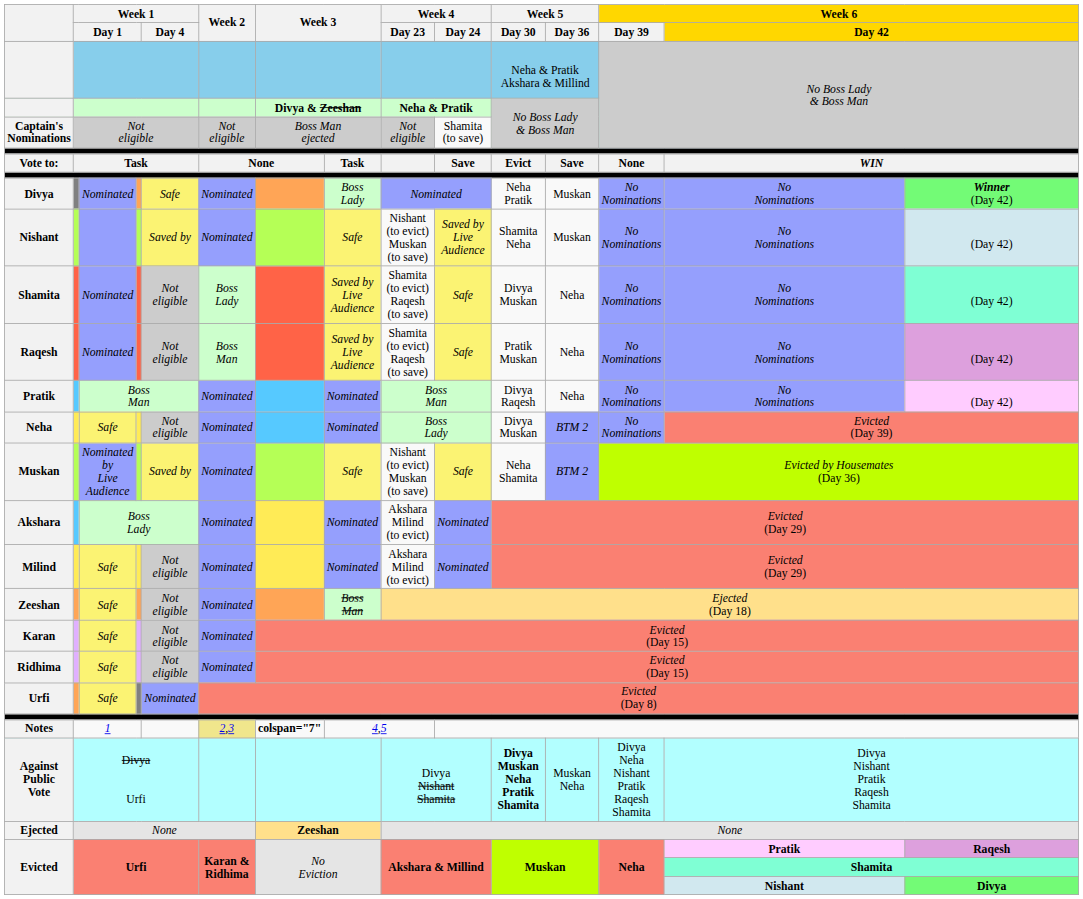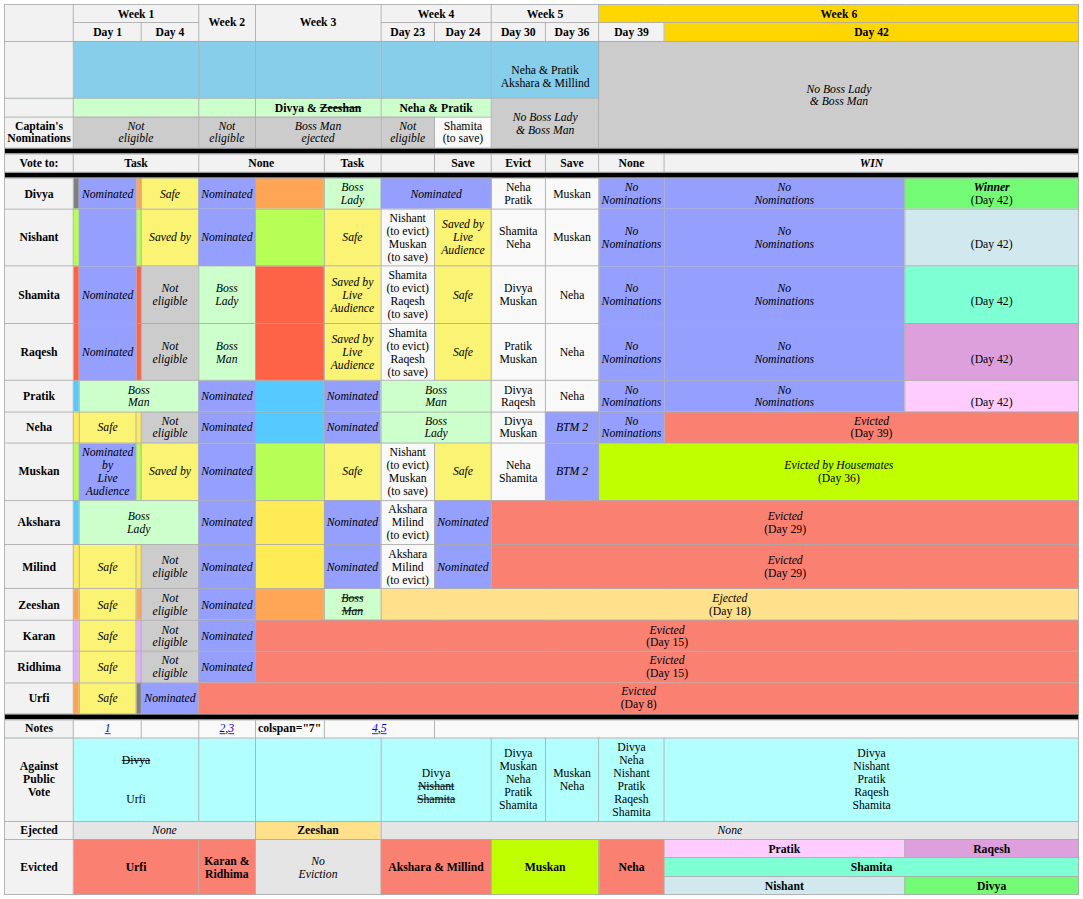 <table class="wikitable" style="text-align:center; font-size:85%; line-height:15px;">
 <tr>
 <th rowspan="2" style="width: 5%;"></th>
 <th colspan="4" style="width: 5%;">Week 1</th>
 <th rowspan="2" style="width: 5%;">Week 2</th>
 <th colspan="2" rowspan="2" style="width: 5%;">Week 3</th>
 <th colspan="2" style="width: 5%;">Week 4</th>
 <th colspan="2" style="width: 5%;">Week 5</th>
 <th colspan="3" style="background:#FFD700">Week 6</th>
 </tr>
 <tr>
 <th colspan="3" style="width: 5%;">Day 1</th>
 <th>Day 4</th>
 <th style="width: 5%;">Day 23</th>
 <th style="width: 5%;">Day 24</th>
 <th style="width: 5%;">Day 30</th>
 <th style="width: 5%;">Day 36</th>
 <th style="width: 5%;">Day 39</th>
 <th colspan="2" style="background:#FFD700">Day 42</th>
 </tr>
 <tr style="background:#87CEEB;" |>
 <th></th>
 <td colspan="4"><br></td>
 <td><br><br></td>
 <td colspan="2"><br><br><br><br></td>
 <td colspan=2><br></td>
 <td colspan="2"><br>Neha & Pratik<br>Akshara & Millind</td>
 <td colspan="3" rowspan="3" bgcolor="#ccc"><em>No Boss Lady<br> & Boss Man</em></td>
 </tr>
 <tr style="background:#cfc;">
 <th><br></th>
 <td colspan="4"></td>
 <td></td>
 <td colspan="2"><strong>Divya & <s>Zeeshan</s> </strong></td>
 <td colspan=2><strong>Neha & Pratik</strong></td>
 <td colspan="2" rowspan="2" bgcolor=#ccc><em>No Boss Lady <br>& Boss Man</em></td>
 </tr>
 <tr>
 <th>Captain's<br>Nominations</th>
 <td colspan="4" style="background:#ccc;"><em>Not<br>eligible</em></td>
 <td style="background:#ccc;"><em>Not<br> eligible</em></td>
 <td colspan="2" style="background:#ccc;"><em>Boss Man<br>ejected</em></td>
 <td style="background:#ccc;"><em>Not <br>eligible</em></td>
 <td>Shamita<br>(to save)</td>
 </tr>
 <tr>
 <td colspan="15" style="background:#000;"></td>
 </tr>
 <tr>
 <th>Vote to:</th>
 <th colspan="4">Task</th>
 <th colspan="2">None</th>
 <th>Task</th>
 <th></th>
 <th>Save</th>
 <th>Evict</th>
 <th>Save</th>
 <th>None</th>
 <th colspan="2"><em>WIN</em></th>
 </tr>
 <tr>
 <td colspan="15" style="background:#000;"></td>
 </tr>
 <tr>
 <th>Divya</th>
 <td bgcolor="grey"></td>
 <td style="background:#959FFD;"><em>Nominated</em></td>
 <td style="background:#FFA556;"></td>
 <td style="background:#FBF373;"><em>Safe</em></td>
 <td style="background:#959FFD;"><em>Nominated</em></td>
 <td style="background:#FFA556;"></td>
 <td style="background:#cfc;"><em>Boss<br>Lady</em></td>
 <td colspan=2 style="background:#959FFD;"><em>Nominated</em></td>
 <td>Neha<br>Pratik</td>
 <td>Muskan</td>
 <td style="background:#959FFD;"><em>No<br>Nominations</em></td>
 <td style="background:#959FFD;"><em>No<br>Nominations</em></td>
 <td style="background:#73FB76;"><strong><em>Winner</em></strong><br>(Day 42)</td>
 </tr>
 <tr>
 <th>Nishant</th>
 <td bgcolor="#B5FF56"></td>
 <td style="background:#959FFD;"><em><br></em></td>
 <td bgcolor="#B5FF56"></td>
 <td style="background:#FBF373;"><em>Saved by<br></em></td>
 <td style="background:#959FFD;"><em>Nominated</em></td>
 <td bgcolor="#B5FF56"></td>
 <td style="background:#FBF373;"><em>Safe</em></td>
 <td>Nishant<br>(to evict)<br>Muskan<br>(to save)</td>
 <td style="background:#FBF373;"><em>Saved by<br>Live Audience</em></td>
 <td>Shamita<br>Neha</td>
 <td>Muskan</td>
 <td style="background:#959FFD;"><em>No<br>Nominations</em></td>
 <td style="background:#959FFD;"><em>No<br>Nominations</em></td>
 <td style="background:#D1E8EF"><br>(Day 42)</td>
 </tr>
 <tr>
 <th>Shamita</th>
 <td bgcolor="tomato"></td>
 <td style="background:#959FFD;"><em>Nominated</em></td>
 <td bgcolor="tomato"></td>
 <td Bgcolor=#ccc><em>Not<br>eligible</em></td>
 <td style="background:#cfc;"><em>Boss<br>Lady</em></td>
 <td bgcolor="tomato"></td>
 <td style="background:#FBF373;"><em>Saved by<br>Live Audience</em></td>
 <td>Shamita<br>(to evict)<br>Raqesh<br>(to save)</td>
 <td style="background:#FBF373;"><em>Safe</em></td>
 <td>Divya<br>Muskan</td>
 <td>Neha</td>
 <td style="background:#959FFD;"><em>No<br>Nominations</em></td>
 <td style="background:#959FFD;"><em>No<br>Nominations</em></td>
 <td style="background:#7FFFD4;"><br>(Day 42)</td>
 </tr>
 <tr>
 <th>Raqesh</th>
 <td bgcolor="tomato"></td>
 <td style="background:#959FFD;"><em>Nominated</em></td>
 <td bgcolor="tomato"></td>
 <td Bgcolor=#ccc><em>Not<br>eligible</em></td>
 <td style="background:#cfc;"><em>Boss<br>Man</em></td>
 <td bgcolor="tomato"></td>
 <td style="background:#FBF373;"><em>Saved by<br>Live Audience</em></td>
 <td>Shamita<br>(to evict)<br>Raqesh<br>(to save)</td>
 <td style="background:#FBF373;"><em>Safe</em></td>
 <td>Pratik<br>Muskan</td>
 <td>Neha</td>
 <td style="background:#959FFD;"><em>No<br>Nominations</em></td>
 <td style="background:#959FFD;"><em>No<br>Nominations</em></td>
 <td style="background:#DDA0DD;"><br>(Day 42)</td>
 </tr>
 <tr>
 <th>Pratik</th>
 <th style="background:#56C9FF;"></th>
 <td colspan="3" style="background:#cfc;"><em>Boss<br>Man</em></td>
 <td style="background:#959FFD;"><em>Nominated</em></td>
 <td style="background:#56C9FF;"></td>
 <td style="background:#959FFD;"><em>Nominated</em></td>
 <td colspan=2 style="background:#cfc;"><em>Boss<br>Man</em></td>
 <td>Divya<br>Raqesh</td>
 <td>Neha</td>
 <td style="background:#959FFD;"><em>No<br>Nominations</em></td>
 <td style="background:#959FFD;"><em>No<br>Nominations</em></td>
 <td style="background:#fcf"><br>(Day 42)</td>
 </tr>
 <tr>
 <th>Neha</th>
 <th style="background:#FFEB56;"></th>
 <td style="background:#FBF373;"><em>Safe</em></td>
 <td style="background:#FFEB56;"></td>
 <td Bgcolor=#ccc><em>Not<br>eligible</em></td>
 <td style="background:#959FFD;"><em>Nominated</em></td>
 <td style="background:#56C9FF;"></td>
 <td style="background:#959FFD;"><em>Nominated</em></td>
 <td colspan=2 style="background:#cfc;"><em>Boss<br>Lady</em></td>
 <td>Divya<br>Muskan</td>
 <td style="background:#959FFD;"><em>BTM 2</em></td>
 <td style="background:#959FFD;"><em>No<br>Nominations</em></td>
 <td colspan="2" style="background:#FA8072"><em>Evicted<br></em>(Day 39)</td>
 </tr>
 <tr>
 <th>Muskan</th>
 <td bgcolor="#B5FF56"></td>
 <td colspan="1" style="background:#959FFD;"><em>Nominated by<br>Live Audience</em></td>
 <td bgcolor="#B5FF56"></td>
 <td style="background:#FBF373;"><em>Saved by <br></em></td>
 <td style="background:#959FFD;"><em>Nominated</em></td>
 <td bgcolor="#B5FF56"></td>
 <td style="background:#FBF373;"><em>Safe</em></td>
 <td>Nishant<br>(to evict)<br>Muskan<br>(to save)</td>
 <td style="background:#FBF373;"><em>Safe</em></td>
 <td>Neha<br>Shamita</td>
 <td style="background:#959FFD;"><em>BTM 2</em></td>
 <td colspan="3" style="background:#BFFF00"><em>Evicted by Housemates<br></em> (Day 36)</td>
 </tr>
 <tr>
 <th>Akshara</th>
 <th style="background:#56C9FF;"></th>
 <td colspan="3" style="background:#cfc;"><em>Boss<br>Lady</em></td>
 <td style="background:#959FFD;"><em>Nominated</em></td>
 <td style="background:#FFEB56;"></td>
 <td style="background:#959FFD;"><em>Nominated</em></td>
 <td>Akshara<br>Milind<br>(to evict)</td>
 <td style="background:#959FFD;"><em>Nominated</em></td>
 <td colspan="5" style="background:#FA8072"><em>Evicted<br></em>(Day 29)</td>
 </tr>
 <tr>
 <th>Milind</th>
 <th style="background:#FFEB56;"></th>
 <td style="background:#FBF373;"><em>Safe</em></td>
 <td style="background:#FFEB56;"></td>
 <td Bgcolor=#ccc><em>Not<br>eligible</em></td>
 <td style="background:#959FFD;"><em>Nominated</em></td>
 <td style="background:#FFEB56;"></td>
 <td style="background:#959FFD;"><em>Nominated</em></td>
 <td>Akshara<br>Milind<br>(to evict)</td>
 <td style="background:#959FFD;"><em>Nominated</em></td>
 <td colspan="5" style="background:#FA8072"><em>Evicted<br></em> (Day 29)</td>
 </tr>
 <tr>
 <th>Zeeshan</th>
 <td bgcolor="#FFA556"></td>
 <td style="background:#FBF373;"><em>Safe</em></td>
 <td bgcolor="#FFA556"></td>
 <td Bgcolor=#ccc><em>Not<br>eligible</em></td>
 <td style="background:#959FFD;"><em>Nominated</em></td>
 <td Bgcolor=#FFA556></td>
 <td style="background:#cfc;"><em><s>Boss <br>Man</s></em></td>
 <td colspan="7" style="background:#FFE08B"><em>Ejected<br></em>(Day 18)</td>
 </tr>
 <tr>
 <th>Karan</th>
 <th style="background:#E0B0FF;"></th>
 <td style="background:#FBF373;"><em>Safe</em></td>
 <td style="background:#E0B0FF;"></td>
 <td Bgcolor=#ccc><em>Not<br>eligible</em></td>
 <td style="background:#959FFD;"><em>Nominated</em></td>
 <td colspan="9" style="background:#FA8072;"><em>Evicted<br></em> (Day 15)</td>
 </tr>
 <tr>
 <th>Ridhima</th>
 <th style="background:#E0B0FF;"></th>
 <td style="background:#FBF373;"><em>Safe</em></td>
 <td style="background:#E0B0FF;"></td>
 <td Bgcolor=#ccc><em>Not<br>eligible</em></td>
 <td style="background:#959FFD;"><em>Nominated</em></td>
 <td colspan="9" style="background:#FA8072;"><em>Evicted<br></em>(Day 15)</td>
 </tr>
 <tr>
 <th>Urfi</th>
 <td bgcolor="#FFA556"></td>
 <td style="background:#FBF373;"><em>Safe</em></td>
 <td bgcolor="grey"></td>
 <td style="background:#959FFD;"><em>Nominated</em></td>
 <td colspan="10" style="background:#FA8072;"><em>Evicted<br></em>(Day 8)</td>
 </tr>
 <tr>
 <td colspan="15" bgcolor="black"></td>
 </tr>
 <tr>
 <th>Notes</th>
 <td colspan="3"><em><a href='#'>1</a></em></td>
 <td></td>
-<td style="background: khaki;"><em><a href='#'>2</a>,<a href='#'>3</a></em></td>
+<td><em><a href='#'>2</a>,<a href='#'>3</a></em></td>
 <td><strong>colspan="7" </strong></td>
 <td colspan="2"><em><a href='#'>4</a>,<a href='#'>5</a></em></td>
 </tr>
 <tr style="background:#B2FFFF">
 <th>Against<br>Public<br>Vote</th>
 <td colspan="4"><s>Divya</s><br><s></s><br><br>Urfi</td>
 <td><br><br><br><br><br></td>
 <td colspan="2"><br><br></td>
 <td colspan=2><br>Divya<br><s>Nishant</s><br><s>Shamita</s></td>
-<td><strong>Divya<br>Muskan<br>Neha<br>Pratik<br>Shamita</strong></td>
+<td>Divya<br>Muskan<br>Neha<br>Pratik<br>Shamita</td>
 <td>Muskan<br>Neha</td>
 <td>Divya<br>Neha<br>Nishant<br>Pratik<br>Raqesh<br>Shamita</td>
 <td colspan="2">Divya<br>Nishant<br>Pratik<br>Raqesh<br>Shamita</td>
 </tr>
 <tr>
 <th>Ejected</th>
 <td colspan="5" style="background:#E5E5E5;"><em>None</em></td>
 <td colspan="2" style="background:#FFE08B;"><strong>Zeeshan</strong></td>
 <td colspan="7" style="background:#E5E5E5;"><em>None</em></td>
 </tr>
 <tr>
 <th rowspan="3">Evicted</th>
 <td colspan="4" rowspan="3" style="background:#FA8072"><strong>Urfi</strong></td>
 <td rowspan="3" style="background:#FA8072"><strong>Karan & Ridhima</strong></td>
 <td colspan="2" rowspan="3" style="background:#E5E5E5;"><em>No<br>Eviction</em></td>
 <td colspan="2" rowspan="3" style="background:#FA8072"><strong>Akshara & Millind</strong></td>
 <td colspan="2" rowspan="3" bgcolor="#BFFF00"><strong>Muskan</strong></td>
 <td rowspan="3" style="background:#FA8072"><strong>Neha</strong></td>
 <td style="background:#fcf"><strong>Pratik</strong></td>
 <td style="background:#DDA0DD"><strong>Raqesh</strong></td>
 </tr>
 <tr>
 <td colspan="2" style="background:#7FFFD4"><strong>Shamita</strong></td>
 </tr>
 <tr>
 <td style="background:#D1E8EF"><strong>Nishant</strong></td>
 <td style="background:#73FB76"><strong>Divya</strong></td>
 </tr>
 </table>
